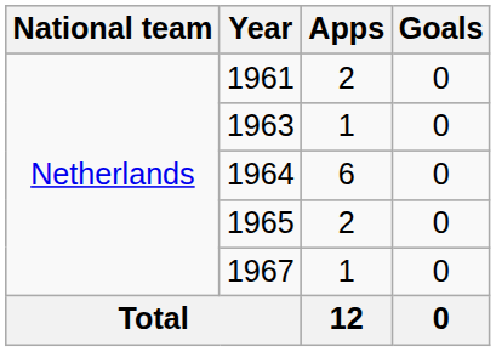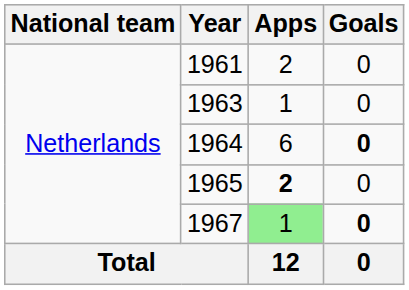 <table class="wikitable" style="text-align:center">
 <tr>
 <th>National team</th>
 <th>Year</th>
 <th>Apps</th>
 <th>Goals</th>
 </tr>
 <tr>
 <td rowspan="5"><a href='#'>Netherlands</a></td>
 <td>1961</td>
 <td>2</td>
 <td>0</td>
 </tr>
 <tr>
 <td>1963</td>
 <td>1</td>
 <td>0</td>
 </tr>
 <tr>
 <td>1964</td>
 <td>6</td>
-<td>0</td>
+<td><strong>0</strong></td>
 </tr>
 <tr>
 <td>1965</td>
-<td>2</td>
+<td><strong>2</strong></td>
 <td>0</td>
 </tr>
 <tr>
 <td>1967</td>
-<td>1</td>
-<td>0</td>
+<td style="background: lightgreen;">1</td>
+<td><strong>0</strong></td>
 </tr>
 <tr>
 <th colspan="2">Total</th>
 <th>12</th>
 <th>0</th>
 </tr>
 </table>
